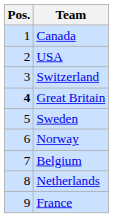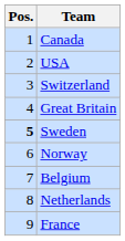 <table class="wikitable">
 <tr>
 <th>Pos.</th>
 <th>Team</th>
 </tr>
 <tr bgcolor="#CAE1FF" align="right">
 <td>1</td>
 <td align="left"> <a href='#'>Canada</a></td>
 </tr>
 <tr bgcolor="#CAE1FF" align="right">
 <td>2</td>
 <td align="left"> <a href='#'>USA</a></td>
 </tr>
 <tr bgcolor="#CAE1FF" align="right">
 <td>3</td>
 <td align="left"> <a href='#'>Switzerland</a></td>
 </tr>
 <tr bgcolor="#CAE1FF" align="right">
-<td><strong>4</strong></td>
+<td>4</td>
 <td align="left"> <a href='#'>Great Britain</a></td>
 </tr>
 <tr bgcolor="#CAE1FF" align="right">
-<td>5</td>
+<td><strong>5</strong></td>
 <td align="left"> <a href='#'>Sweden</a></td>
 </tr>
 <tr bgcolor="#CAE1FF" align="right">
 <td>6</td>
 <td align="left"> <a href='#'>Norway</a></td>
 </tr>
 <tr bgcolor="#CAE1FF" align="right">
 <td>7</td>
 <td align="left"> <a href='#'>Belgium</a></td>
 </tr>
 <tr bgcolor="#CAE1FF" align="right">
 <td>8</td>
 <td align="left"> <a href='#'>Netherlands</a></td>
 </tr>
 <tr bgcolor="#CAE1FF" align="right">
 <td>9</td>
 <td align="left"> <a href='#'>France</a></td>
 </tr>
 </table>
